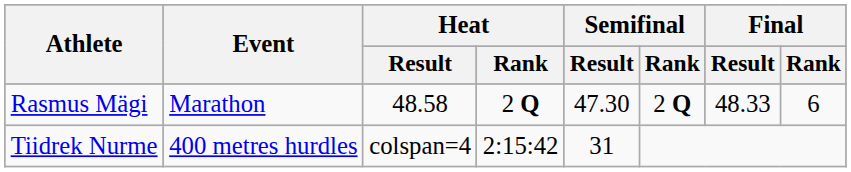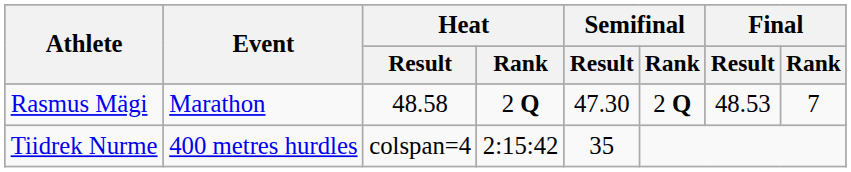 <table class="wikitable" style="font-size:90%">
 <tr>
 <th rowspan="2">Athlete</th>
 <th rowspan="2">Event</th>
 <th colspan="2">Heat</th>
 <th colspan="2">Semifinal</th>
 <th colspan="2">Final</th>
 </tr>
 <tr style="font-size:95%">
 <th>Result</th>
 <th>Rank</th>
 <th>Result</th>
 <th>Rank</th>
 <th>Result</th>
 <th>Rank</th>
 </tr>
 <tr align=center>
 <td align=left><a href='#'>Rasmus Mägi</a></td>
 <td align=left><a href='#'>Marathon</a></td>
 <td>48.58</td>
 <td>2 <strong>Q</strong></td>
 <td>47.30</td>
 <td>2 <strong>Q</strong></td>
-<td>48.33</td>
-<td>6</td>
+<td>48.53</td>
+<td>7</td>
 </tr>
 <tr align=center>
 <td align=left><a href='#'>Tiidrek Nurme</a></td>
 <td align=left><a href='#'>400 metres hurdles</a></td>
 <td>colspan=4</td>
 <td>2:15:42</td>
-<td>31</td>
+<td>35</td>
 </tr>
 </table>
